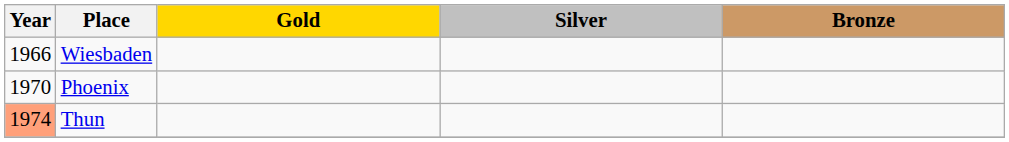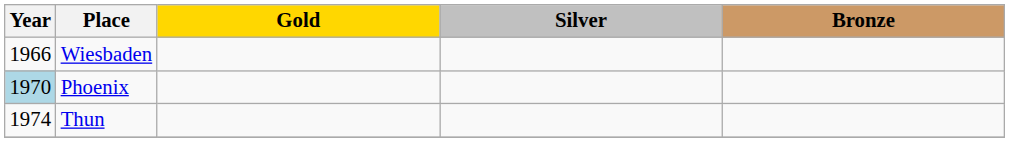 <table class="wikitable">
 <tr>
 <th>Year</th>
 <th>Place</th>
 <th style="background:gold"    width="210">Gold</th>
 <th style="background:silver"  width="210">Silver</th>
 <th style="background:#cc9966" width="210">Bronze</th>
 </tr>
 <tr>
 <td>1966</td>
 <td> <a href='#'>Wiesbaden</a></td>
 <td></td>
 <td></td>
 <td></td>
 </tr>
 <tr>
-<td>1970</td>
+<td style="background: lightblue;">1970</td>
 <td> <a href='#'>Phoenix</a></td>
 <td></td>
 <td></td>
 <td></td>
 </tr>
 <tr>
-<td style="background: lightsalmon;">1974</td>
+<td>1974</td>
 <td> <a href='#'>Thun</a></td>
 <td></td>
 <td></td>
 <td></td>
 </tr>
 <tr>
 </tr>
 </table>
